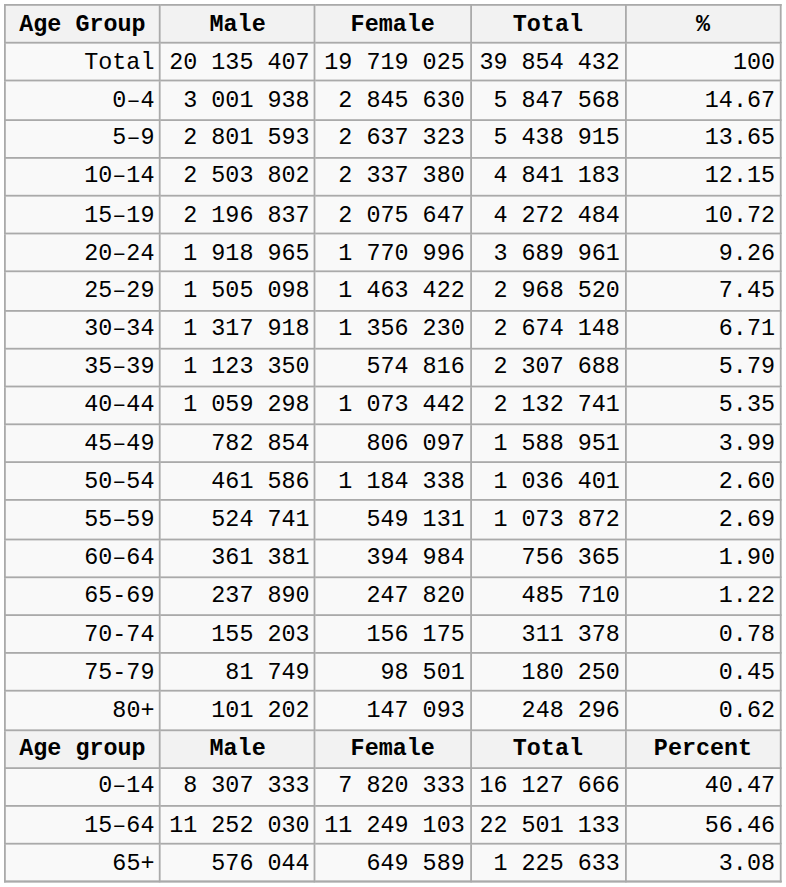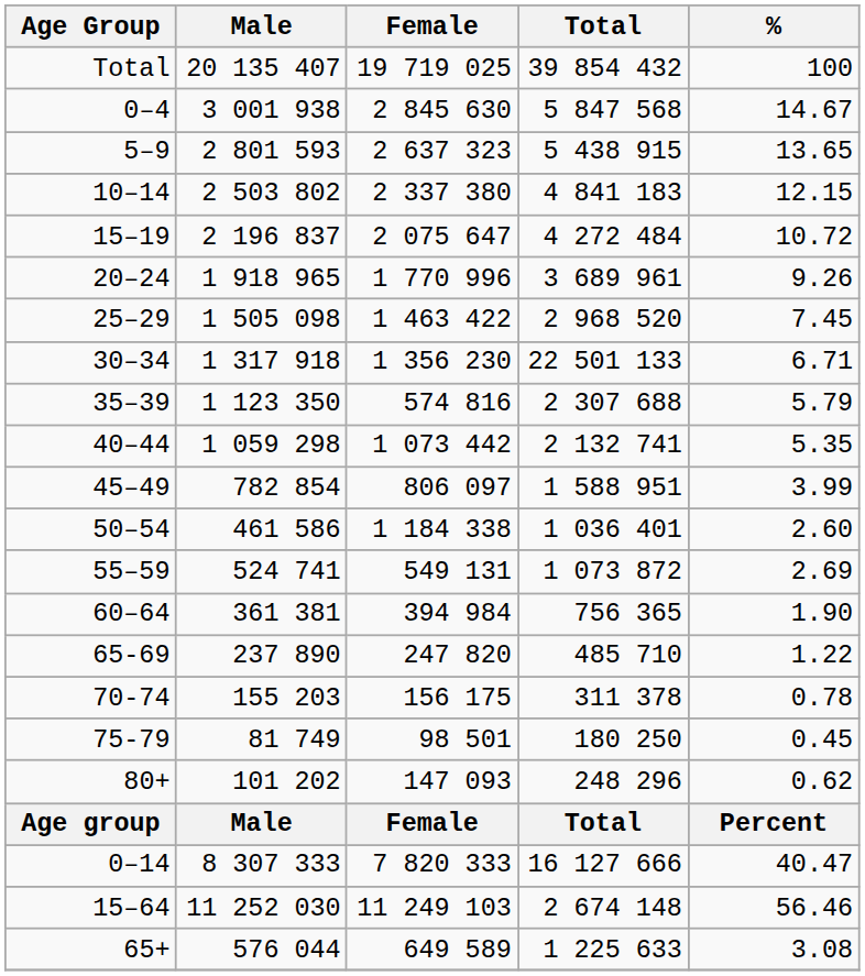 <table class="wikitable">
 <tr>
 <th width="80pt">Age Group</th>
 <th width="80pt">Male</th>
 <th width="80pt">Female</th>
 <th width="80pt">Total</th>
 <th width="80pt">%</th>
 </tr>
 <tr>
 <td align="right">Total</td>
 <td align="right">20 135 407</td>
 <td align="right">19 719 025</td>
 <td align="right">39 854 432</td>
 <td align="right">100</td>
 </tr>
 <tr>
 <td align="right">0–4</td>
 <td align="right">3 001 938</td>
 <td align="right">2 845 630</td>
 <td align="right">5 847 568</td>
 <td align="right">14.67</td>
 </tr>
 <tr>
 <td align="right">5–9</td>
 <td align="right">2 801 593</td>
 <td align="right">2 637 323</td>
 <td align="right">5 438 915</td>
 <td align="right">13.65</td>
 </tr>
 <tr>
 <td align="right">10–14</td>
 <td align="right">2 503 802</td>
 <td align="right">2 337 380</td>
 <td align="right">4 841 183</td>
 <td align="right">12.15</td>
 </tr>
 <tr>
 <td align="right">15–19</td>
 <td align="right">2 196 837</td>
 <td align="right">2 075 647</td>
 <td align="right">4 272 484</td>
 <td align="right">10.72</td>
 </tr>
 <tr>
 <td align="right">20–24</td>
 <td align="right">1 918 965</td>
 <td align="right">1 770 996</td>
 <td align="right">3 689 961</td>
 <td align="right">9.26</td>
 </tr>
 <tr>
 <td align="right">25–29</td>
 <td align="right">1 505 098</td>
 <td align="right">1 463 422</td>
 <td align="right">2 968 520</td>
 <td align="right">7.45</td>
 </tr>
 <tr>
 <td align="right">30–34</td>
 <td align="right">1 317 918</td>
 <td align="right">1 356 230</td>
-<td align="right">2 674 148</td>
+<td align="right">22 501 133</td>
 <td align="right">6.71</td>
 </tr>
 <tr>
 <td align="right">35–39</td>
 <td align="right">1 123 350</td>
 <td align="right">574 816</td>
 <td align="right">2 307 688</td>
 <td align="right">5.79</td>
 </tr>
 <tr>
 <td align="right">40–44</td>
 <td align="right">1 059 298</td>
 <td align="right">1 073 442</td>
 <td align="right">2 132 741</td>
 <td align="right">5.35</td>
 </tr>
 <tr>
 <td align="right">45–49</td>
 <td align="right">782 854</td>
 <td align="right">806 097</td>
 <td align="right">1 588 951</td>
 <td align="right">3.99</td>
 </tr>
 <tr>
 <td align="right">50–54</td>
 <td align="right">461 586</td>
 <td align="right">1 184 338</td>
 <td align="right">1 036 401</td>
 <td align="right">2.60</td>
 </tr>
 <tr>
 <td align="right">55–59</td>
 <td align="right">524 741</td>
 <td align="right">549 131</td>
 <td align="right">1 073 872</td>
 <td align="right">2.69</td>
 </tr>
 <tr>
 <td align="right">60–64</td>
 <td align="right">361 381</td>
 <td align="right">394 984</td>
 <td align="right">756 365</td>
 <td align="right">1.90</td>
 </tr>
 <tr>
 <td align="right">65-69</td>
 <td align="right">237 890</td>
 <td align="right">247 820</td>
 <td align="right">485 710</td>
 <td align="right">1.22</td>
 </tr>
 <tr>
 <td align="right">70-74</td>
 <td align="right">155 203</td>
 <td align="right">156 175</td>
 <td align="right">311 378</td>
 <td align="right">0.78</td>
 </tr>
 <tr>
 <td align="right">75-79</td>
 <td align="right">81 749</td>
 <td align="right">98 501</td>
 <td align="right">180 250</td>
 <td align="right">0.45</td>
 </tr>
 <tr>
 <td align="right">80+</td>
 <td align="right">101 202</td>
 <td align="right">147 093</td>
 <td align="right">248 296</td>
 <td align="right">0.62</td>
 </tr>
 <tr>
 <th width="50">Age group</th>
 <th width="80pt">Male</th>
 <th width="80">Female</th>
 <th width="80">Total</th>
 <th width="50">Percent</th>
 </tr>
 <tr>
 <td align="right">0–14</td>
 <td align="right">8 307 333</td>
 <td align="right">7 820 333</td>
 <td align="right">16 127 666</td>
 <td align="right">40.47</td>
 </tr>
 <tr>
 <td align="right">15–64</td>
 <td align="right">11 252 030</td>
 <td align="right">11 249 103</td>
-<td align="right">22 501 133</td>
+<td align="right">2 674 148</td>
 <td align="right">56.46</td>
 </tr>
 <tr>
 <td align="right">65+</td>
 <td align="right">576 044</td>
 <td align="right">649 589</td>
 <td align="right">1 225 633</td>
 <td align="right">3.08</td>
 </tr>
 <tr>
 </tr>
 </table>
